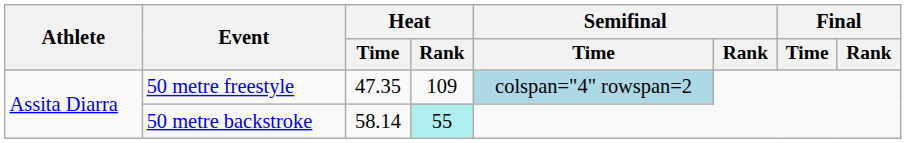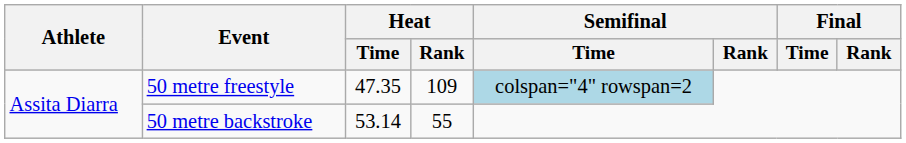 <table class="wikitable" style="text-align:center; font-size:90%; width:50%;">
 <tr>
 <th rowspan="2">Athlete</th>
 <th rowspan="2">Event</th>
 <th colspan="2">Heat</th>
 <th colspan="2">Semifinal</th>
 <th colspan="2">Final</th>
 </tr>
 <tr style="font-size:95%">
 <th>Time</th>
 <th>Rank</th>
 <th>Time</th>
 <th>Rank</th>
 <th>Time</th>
 <th>Rank</th>
 </tr>
 <tr>
 <td align=left rowspan=2><a href='#'>Assita Diarra</a></td>
 <td align=left><a href='#'>50 metre freestyle</a></td>
 <td>47.35</td>
 <td>109</td>
 <td style="background: lightblue;">colspan="4" rowspan=2</td>
 </tr>
 <tr>
 <td align=left><a href='#'>50 metre backstroke</a></td>
-<td>58.14</td>
-<td style="background: paleturquoise;">55</td>
+<td>53.14</td>
+<td>55</td>
 </tr>
 </table>
